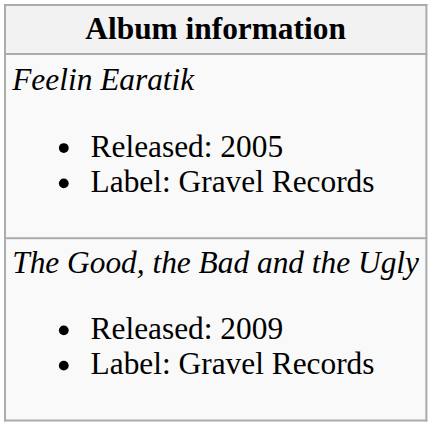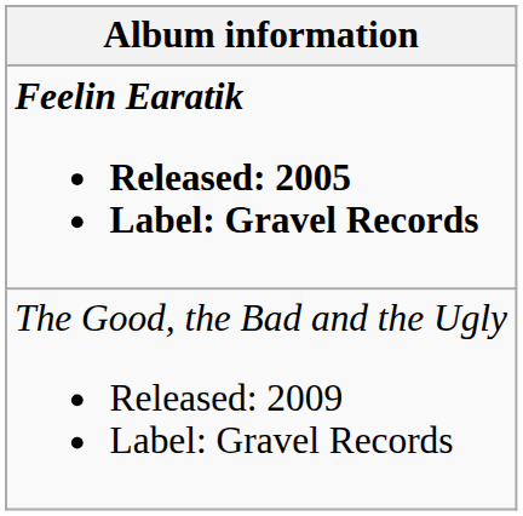 <table class="wikitable">
 <tr>
 <th>Album information</th>
 </tr>
 <tr>
-<td><em>Feelin Earatik</em><br><ul><li>Released: 2005</li><li>Label: Gravel Records</li></ul></td>
+<td><strong><em>Feelin Earatik</em><br><ul><li>Released: 2005</li><li>Label: Gravel Records</li></ul></strong></td>
 </tr>
 <tr>
 <td><em>The Good, the Bad and the Ugly</em><br><ul><li>Released: 2009</li><li>Label: Gravel Records</li></ul></td>
 </tr>
 </table>
